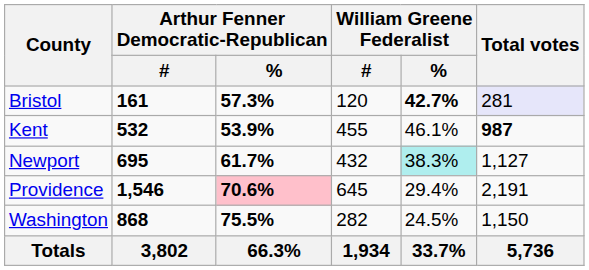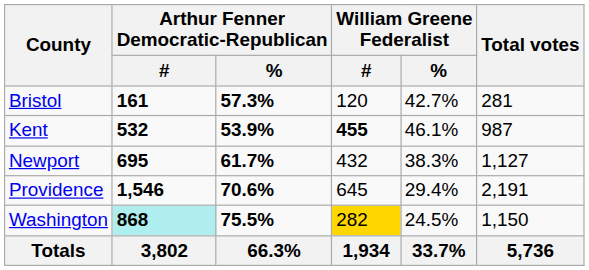 <table class="wikitable sortable">
 <tr>
 <th rowspan="2" scope="col">County</th>
 <th colspan="2" scope="col">Arthur Fenner<br>Democratic-Republican</th>
 <th colspan="2" scope="col">William Greene<br>Federalist</th>
 <th rowspan="2" scope="col">Total votes</th>
 </tr>
 <tr>
 <th>#</th>
 <th>%</th>
 <th>#</th>
 <th>%</th>
 </tr>
 <tr>
 <td><a href='#'>Bristol</a></td>
 <td><strong>161</strong></td>
 <td><strong>57.3%</strong></td>
 <td>120</td>
-<td><strong>42.7%</strong></td>
-<td style="background: lavender;">281</td>
+<td>42.7%</td>
+<td>281</td>
 </tr>
 <tr>
 <td><a href='#'>Kent</a></td>
 <td><strong>532</strong></td>
 <td><strong>53.9%</strong></td>
-<td>455</td>
+<td><strong>455</strong></td>
 <td>46.1%</td>
-<td><strong>987</strong></td>
+<td>987</td>
 </tr>
 <tr>
 <td><a href='#'>Newport</a></td>
 <td><strong>695</strong></td>
 <td><strong>61.7%</strong></td>
 <td>432</td>
-<td style="background: paleturquoise;">38.3%</td>
+<td>38.3%</td>
 <td>1,127</td>
 </tr>
 <tr>
 <td><a href='#'>Providence</a></td>
 <td><strong>1,546</strong></td>
-<td style="background: pink;"><strong>70.6%</strong></td>
+<td><strong>70.6%</strong></td>
 <td>645</td>
 <td>29.4%</td>
 <td>2,191</td>
 </tr>
 <tr>
 <td><a href='#'>Washington</a></td>
-<td><strong>868</strong></td>
+<td style="background: paleturquoise;"><strong>868</strong></td>
 <td><strong>75.5%</strong></td>
-<td>282</td>
+<td style="background: gold;">282</td>
 <td>24.5%</td>
 <td>1,150</td>
 </tr>
 <tr>
 <th>Totals</th>
 <th>3,802</th>
 <th>66.3%</th>
 <th>1,934</th>
 <th>33.7%</th>
 <th>5,736</th>
 </tr>
 </table>
